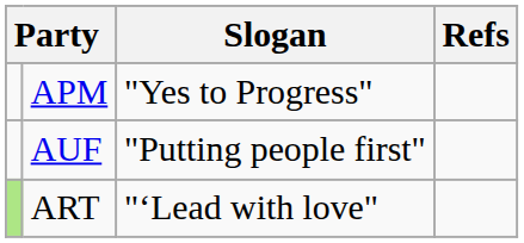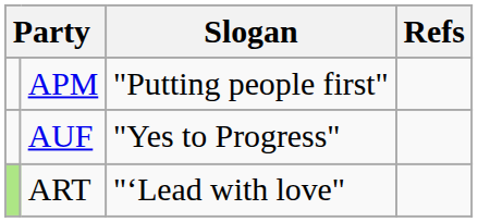 <table class="wikitable" style="font-size:97%; text-align:left;">
 <tr>
 <th colspan="2" style="text-align:left;">Party</th>
 <th>Slogan</th>
 <th>Refs</th>
 </tr>
 <tr>
 <td></td>
 <td><a href='#'>APM</a></td>
-<td>"Yes to Progress"</td>
+<td>"Putting people first"</td>
 <td></td>
 </tr>
 <tr>
 <td></td>
 <td><a href='#'>AUF</a></td>
-<td>"Putting people first"</td>
+<td>"Yes to Progress"</td>
 <td></td>
 </tr>
 <tr>
 <td bgcolor="#ade685"></td>
 <td>ART</td>
 <td>"‘Lead with love"</td>
 <td></td>
 </tr>
 </table>
